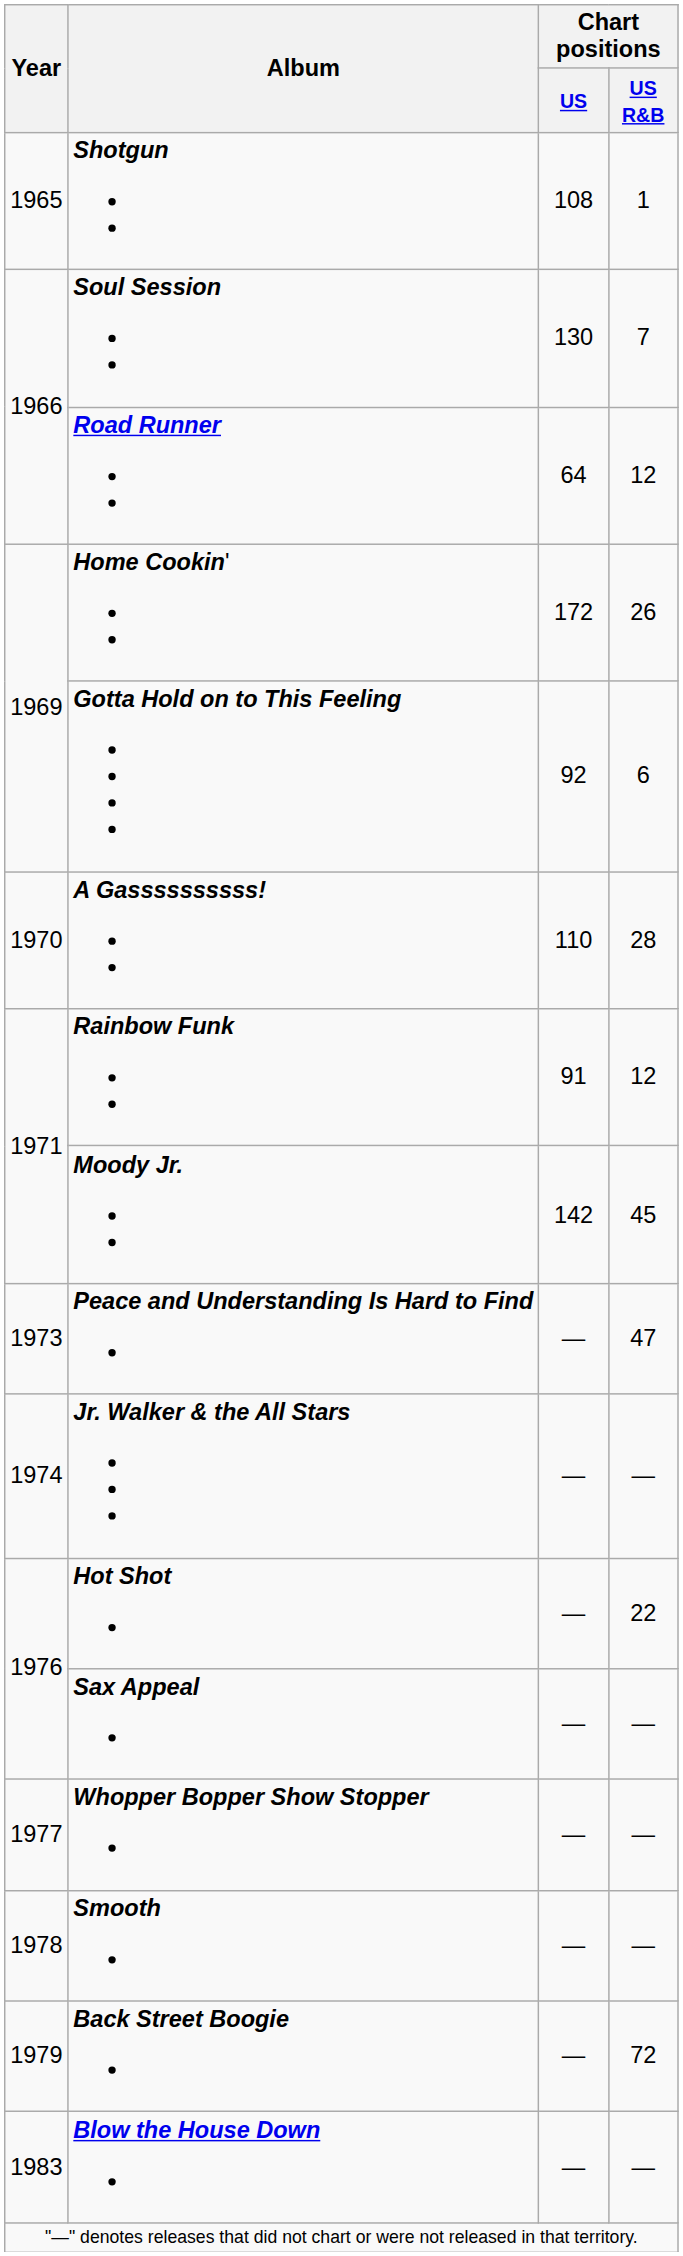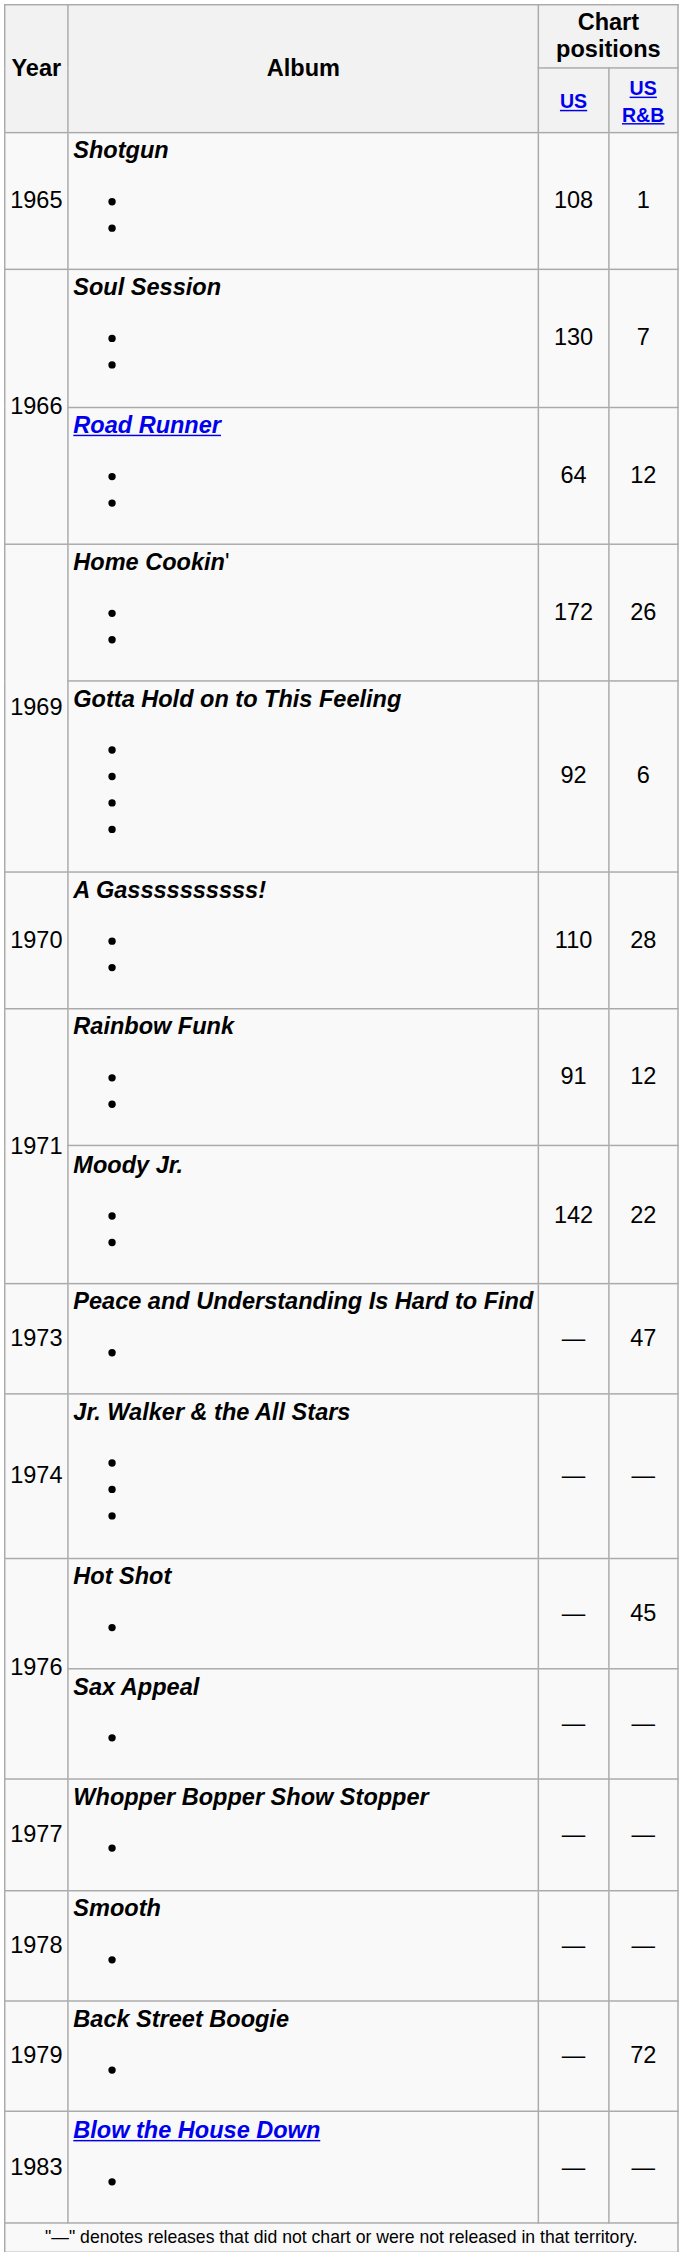 <table class="wikitable">
 <tr>
 <th rowspan="2">Year</th>
 <th rowspan="2">Album</th>
 <th colspan="2">Chart positions</th>
 </tr>
 <tr>
 <th width=40><small><a href='#'>US</a></small><br></th>
 <th width=40><small><a href='#'>US R&B</a></small><br></th>
 </tr>
 <tr>
 <td>1965</td>
 <td><strong><em>Shotgun</em></strong><br><ul><li></li><li></li></ul></td>
 <td style="text-align:center;">108</td>
 <td style="text-align:center;">1</td>
 </tr>
 <tr>
 <td rowspan="2">1966</td>
 <td><strong><em>Soul Session</em></strong><br><ul><li></li><li></li></ul></td>
 <td style="text-align:center;">130</td>
 <td style="text-align:center;">7</td>
 </tr>
 <tr>
 <td><strong><em><a href='#'>Road Runner</a></em></strong><br><ul><li></li><li></li></ul></td>
 <td style="text-align:center;">64</td>
 <td style="text-align:center;">12</td>
 </tr>
 <tr>
 <td rowspan="2">1969</td>
 <td><strong><em>Home Cookin</em></strong>'<br><ul><li></li><li></li></ul></td>
 <td style="text-align:center;">172</td>
 <td style="text-align:center;">26</td>
 </tr>
 <tr>
 <td><strong><em>Gotta Hold on to This Feeling</em></strong><br><ul><li></li><li></li><li></li><li></li></ul></td>
 <td style="text-align:center;">92</td>
 <td style="text-align:center;">6</td>
 </tr>
 <tr>
 <td>1970</td>
 <td><strong><em>A Gassssssssss!</em></strong><br><ul><li></li><li></li></ul></td>
 <td style="text-align:center;">110</td>
 <td style="text-align:center;">28</td>
 </tr>
 <tr>
 <td rowspan="2">1971</td>
 <td><strong><em>Rainbow Funk</em></strong><br><ul><li></li><li></li></ul></td>
 <td style="text-align:center;">91</td>
 <td style="text-align:center;">12</td>
 </tr>
 <tr>
 <td><strong><em>Moody Jr.</em></strong><br><ul><li></li><li></li></ul></td>
 <td style="text-align:center;">142</td>
-<td style="text-align:center;">45</td>
+<td style="text-align:center;">22</td>
 </tr>
 <tr>
 <td>1973</td>
 <td><strong><em>Peace and Understanding Is Hard to Find</em></strong><br><ul><li></li></ul></td>
 <td style="text-align:center;">—</td>
 <td style="text-align:center;">47</td>
 </tr>
 <tr>
 <td>1974</td>
 <td><strong><em>Jr. Walker & the All Stars</em></strong><br><ul><li></li><li></li><li></li></ul></td>
 <td style="text-align:center;">—</td>
 <td style="text-align:center;">—</td>
 </tr>
 <tr>
 <td rowspan="2">1976</td>
 <td><strong><em>Hot Shot</em></strong><br><ul><li></li></ul></td>
 <td style="text-align:center;">—</td>
-<td style="text-align:center;">22</td>
+<td style="text-align:center;">45</td>
 </tr>
 <tr>
 <td><strong><em>Sax Appeal</em></strong><br><ul><li></li></ul></td>
 <td style="text-align:center;">—</td>
 <td style="text-align:center;">—</td>
 </tr>
 <tr>
 <td>1977</td>
 <td><strong><em>Whopper Bopper Show Stopper</em></strong><br><ul><li></li></ul></td>
 <td style="text-align:center;">—</td>
 <td style="text-align:center;">—</td>
 </tr>
 <tr>
 <td>1978</td>
 <td><strong><em>Smooth</em></strong><br><ul><li></li></ul></td>
 <td style="text-align:center;">—</td>
 <td style="text-align:center;">—</td>
 </tr>
 <tr>
 <td>1979</td>
 <td><strong><em>Back Street Boogie</em></strong><br><ul><li></li></ul></td>
 <td style="text-align:center;">—</td>
 <td style="text-align:center;">72</td>
 </tr>
 <tr>
 <td>1983</td>
 <td><strong><em><a href='#'>Blow the House Down</a></em></strong><br><ul><li></li></ul></td>
 <td style="text-align:center;">—</td>
 <td style="text-align:center;">—</td>
 </tr>
 <tr>
 <td colspan="6" style="text-align:center; font-size:9pt;">"—" denotes releases that did not chart or were not released in that territory.</td>
 </tr>
 </table>
